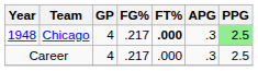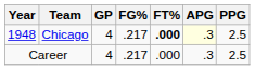 <table class="wikitable sortable" style="font-size:95%; text-align:right;">
 <tr>
 <th>Year</th>
 <th>Team</th>
 <th>GP</th>
 <th>FG%</th>
 <th>FT%</th>
 <th>APG</th>
 <th>PPG</th>
 </tr>
 <tr>
 <td style="text-align:left;"><a href='#'>1948</a></td>
 <td style="text-align:left;"><a href='#'>Chicago</a></td>
 <td>4</td>
 <td>.217</td>
 <td><strong>.000</strong></td>
-<td>.3</td>
-<td style="background: lightgreen;">2.5</td>
+<td style="background: lightyellow;">.3</td>
+<td>2.5</td>
 </tr>
 <tr>
 <td style="text-align:center;" colspan="2">Career</td>
 <td>4</td>
 <td>.217</td>
 <td>.000</td>
 <td>.3</td>
 <td>2.5</td>
 </tr>
 <tr>
 </tr>
 </table>
